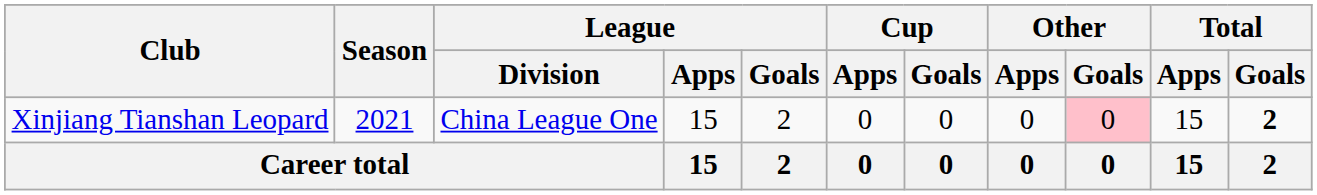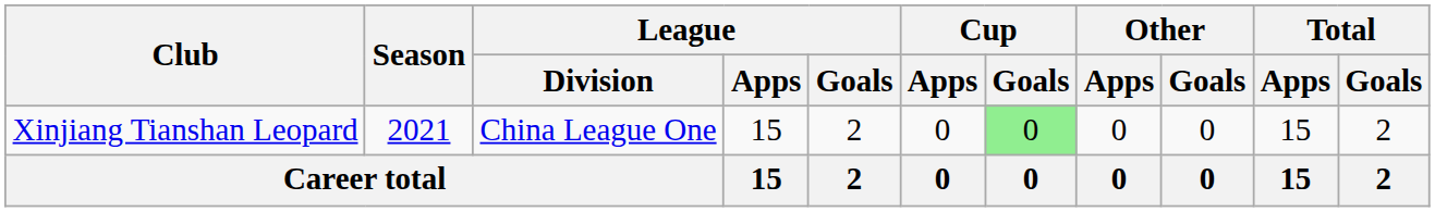 <table class="wikitable" style="text-align: center">
 <tr>
 <th rowspan="2">Club</th>
 <th rowspan="2">Season</th>
 <th colspan="3">League</th>
 <th colspan="2">Cup</th>
 <th colspan="2">Other</th>
 <th colspan="2">Total</th>
 </tr>
 <tr>
 <th>Division</th>
 <th>Apps</th>
 <th>Goals</th>
 <th>Apps</th>
 <th>Goals</th>
 <th>Apps</th>
 <th>Goals</th>
 <th>Apps</th>
 <th>Goals</th>
 </tr>
 <tr>
 <td><a href='#'>Xinjiang Tianshan Leopard</a></td>
 <td><a href='#'>2021</a></td>
 <td><a href='#'>China League One</a></td>
 <td>15</td>
 <td>2</td>
 <td>0</td>
+<td style="background: lightgreen;">0</td>
 <td>0</td>
 <td>0</td>
-<td style="background: pink;">0</td>
 <td>15</td>
-<td><strong>2</strong></td>
+<td>2</td>
 </tr>
 <tr>
 <th colspan=3>Career total</th>
 <th>15</th>
 <th>2</th>
 <th>0</th>
 <th>0</th>
 <th>0</th>
 <th>0</th>
 <th>15</th>
 <th>2</th>
 </tr>
 </table>
